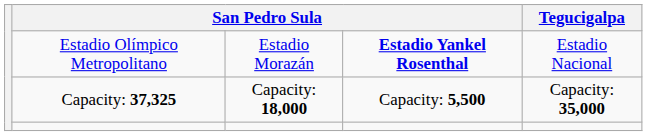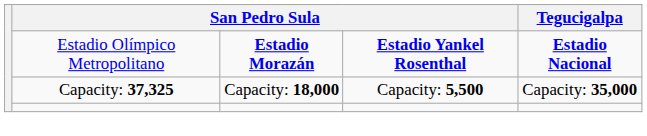 <table class="wikitable" style="text-align:center">
 <tr>
 <th rowspan="4"></th>
 <th colspan="3"><a href='#'>San Pedro Sula</a></th>
 <th><a href='#'>Tegucigalpa</a></th>
 </tr>
 <tr>
 <td><a href='#'>Estadio Olímpico Metropolitano</a></td>
-<td><a href='#'>Estadio Morazán</a></td>
+<td><strong><a href='#'>Estadio Morazán</a></strong></td>
 <td><strong><a href='#'>Estadio Yankel Rosenthal</a></strong></td>
-<td><a href='#'>Estadio Nacional</a></td>
+<td><strong><a href='#'>Estadio Nacional</a></strong></td>
 </tr>
 <tr>
 <td>Capacity: <strong>37,325</strong></td>
 <td>Capacity: <strong>18,000</strong></td>
 <td>Capacity: <strong>5,500</strong></td>
 <td>Capacity: <strong>35,000</strong></td>
 </tr>
 <tr>
 <td></td>
 <td></td>
 <td></td>
 <td></td>
 </tr>
 </table>
